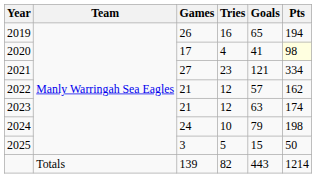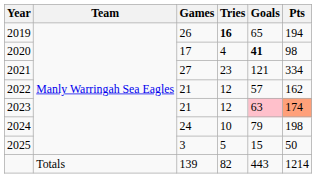 <table class="wikitable">
 <tr>
 <th>Year</th>
 <th>Team</th>
 <th>Games</th>
 <th>Tries</th>
 <th>Goals</th>
 <th>Pts</th>
 </tr>
 <tr>
 <td>2019</td>
 <td rowspan="7"> <a href='#'>Manly Warringah Sea Eagles</a></td>
 <td>26</td>
-<td>16</td>
+<td><strong>16</strong></td>
 <td>65</td>
 <td>194</td>
 </tr>
 <tr>
 <td>2020</td>
 <td>17</td>
 <td>4</td>
-<td>41</td>
-<td style="background: lightyellow;">98</td>
+<td><strong>41</strong></td>
+<td>98</td>
 </tr>
 <tr>
 <td>2021</td>
 <td>27</td>
 <td>23</td>
 <td>121</td>
 <td>334</td>
 </tr>
 <tr>
 <td>2022</td>
 <td>21</td>
 <td>12</td>
 <td>57</td>
 <td>162</td>
 </tr>
 <tr>
 <td>2023</td>
 <td>21</td>
 <td>12</td>
-<td>63</td>
-<td>174</td>
+<td style="background: pink;">63</td>
+<td style="background: lightsalmon;">174</td>
 </tr>
 <tr>
 <td>2024</td>
 <td>24</td>
 <td>10</td>
 <td>79</td>
 <td>198</td>
 </tr>
 <tr>
 <td>2025</td>
 <td>3</td>
 <td>5</td>
 <td>15</td>
 <td>50</td>
 </tr>
 <tr>
 <td></td>
 <td>Totals</td>
 <td>139</td>
 <td>82</td>
 <td>443</td>
 <td>1214</td>
 </tr>
 </table>
